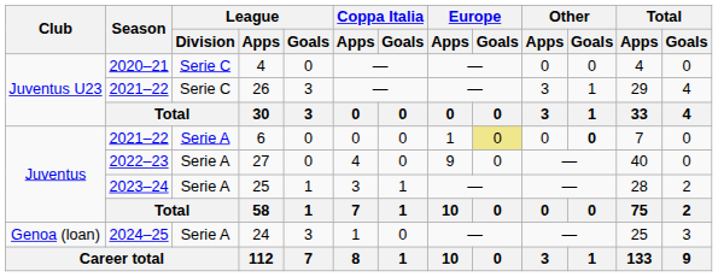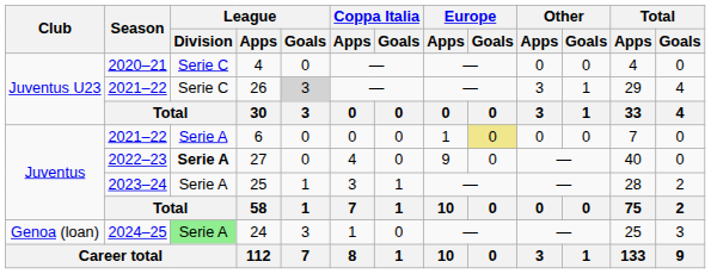 <table class="wikitable" style="text-align:center">
 <tr>
 <th rowspan="2">Club</th>
 <th rowspan="2">Season</th>
 <th colspan="3">League</th>
 <th colspan="2"><a href='#'>Coppa Italia</a></th>
 <th colspan="2"><a href='#'>Europe</a></th>
 <th colspan="2">Other</th>
 <th colspan="2">Total</th>
 </tr>
 <tr>
 <th>Division</th>
 <th>Apps</th>
 <th>Goals</th>
 <th>Apps</th>
 <th>Goals</th>
 <th>Apps</th>
 <th>Goals</th>
 <th>Apps</th>
 <th>Goals</th>
 <th>Apps</th>
 <th>Goals</th>
 </tr>
 <tr>
 <td rowspan="3"><a href='#'>Juventus U23</a></td>
 <td><a href='#'>2020–21</a></td>
 <td><a href='#'>Serie C</a></td>
 <td>4</td>
 <td>0</td>
 <td colspan="2">—</td>
 <td colspan="2">—</td>
 <td>0</td>
 <td>0</td>
 <td>4</td>
 <td>0</td>
 </tr>
 <tr>
 <td><a href='#'>2021–22</a></td>
 <td>Serie C</td>
 <td>26</td>
-<td>3</td>
+<td style="background: lightgrey;">3</td>
 <td colspan="2">—</td>
 <td colspan="2">—</td>
 <td>3</td>
 <td>1</td>
 <td>29</td>
 <td>4</td>
 </tr>
 <tr>
 <th colspan="2">Total</th>
 <th>30</th>
 <th>3</th>
 <th>0</th>
 <th>0</th>
 <th>0</th>
 <th>0</th>
 <th>3</th>
 <th>1</th>
 <th>33</th>
 <th>4</th>
 </tr>
 <tr>
 <td rowspan="4"><a href='#'>Juventus</a></td>
 <td><a href='#'>2021–22</a></td>
 <td><a href='#'>Serie A</a></td>
 <td>6</td>
 <td>0</td>
 <td>0</td>
 <td>0</td>
 <td>1</td>
 <td style="background: khaki;">0</td>
 <td>0</td>
-<td><strong>0</strong></td>
+<td>0</td>
 <td>7</td>
 <td>0</td>
 </tr>
 <tr>
 <td><a href='#'>2022–23</a></td>
-<td>Serie A</td>
+<td><strong>Serie A</strong></td>
 <td>27</td>
 <td>0</td>
 <td>4</td>
 <td>0</td>
 <td>9</td>
 <td>0</td>
 <td colspan="2">—</td>
 <td>40</td>
 <td>0</td>
 </tr>
 <tr>
 <td><a href='#'>2023–24</a></td>
 <td>Serie A</td>
 <td>25</td>
 <td>1</td>
 <td>3</td>
 <td>1</td>
 <td colspan="2">—</td>
 <td colspan="2">—</td>
 <td>28</td>
 <td>2</td>
 </tr>
 <tr>
 <th colspan="2">Total</th>
 <th>58</th>
 <th>1</th>
 <th>7</th>
 <th>1</th>
 <th>10</th>
 <th>0</th>
 <th>0</th>
 <th>0</th>
 <th>75</th>
 <th>2</th>
 </tr>
 <tr>
 <td><a href='#'>Genoa</a> (loan)</td>
 <td><a href='#'>2024–25</a></td>
-<td>Serie A</td>
+<td style="background: lightgreen;">Serie A</td>
 <td>24</td>
 <td>3</td>
 <td>1</td>
 <td>0</td>
 <td colspan="2">—</td>
 <td colspan="2">—</td>
 <td>25</td>
 <td>3</td>
 </tr>
 <tr>
 <th colspan="3">Career total</th>
 <th>112</th>
 <th>7</th>
 <th>8</th>
 <th>1</th>
 <th>10</th>
 <th>0</th>
 <th>3</th>
 <th>1</th>
 <th>133</th>
 <th>9</th>
 </tr>
 </table>
